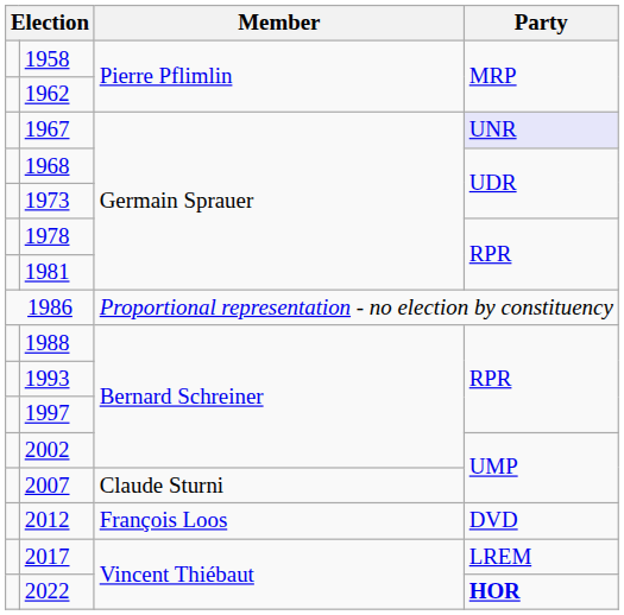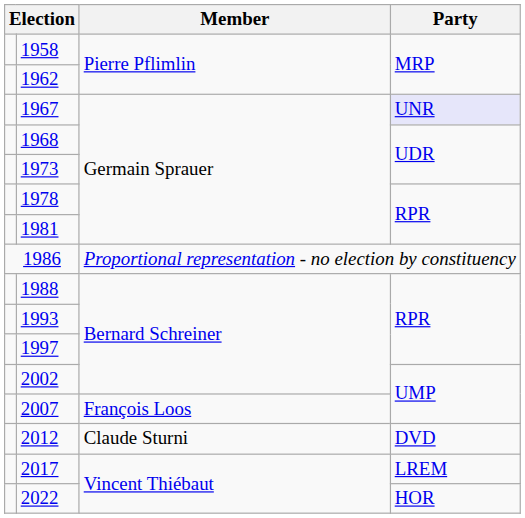 <table class="wikitable">
 <tr>
 <th colspan="2">Election</th>
 <th>Member</th>
 <th>Party</th>
 </tr>
 <tr>
 <td style="background-color: "></td>
 <td><a href='#'>1958</a></td>
 <td rowspan="2"><a href='#'>Pierre Pflimlin</a></td>
 <td rowspan="2"><a href='#'>MRP</a></td>
 </tr>
 <tr>
 <td style="background-color: "></td>
 <td><a href='#'>1962</a></td>
 </tr>
 <tr>
 <td style="background-color: "></td>
 <td><a href='#'>1967</a></td>
 <td rowspan="5">Germain Sprauer</td>
 <td style="background: lavender;"><a href='#'>UNR</a></td>
 </tr>
 <tr>
 <td style="background-color: "></td>
 <td><a href='#'>1968</a></td>
 <td rowspan="2"><a href='#'>UDR</a></td>
 </tr>
 <tr>
 <td style="background-color: "></td>
 <td><a href='#'>1973</a></td>
 </tr>
 <tr>
 <td style="background-color: "></td>
 <td><a href='#'>1978</a></td>
 <td rowspan="2"><a href='#'>RPR</a></td>
 </tr>
 <tr>
 <td style="background-color: "></td>
 <td><a href='#'>1981</a></td>
 </tr>
 <tr>
 <td colspan="2" align="center"><a href='#'>1986</a></td>
 <td colspan="2"><em><a href='#'>Proportional representation</a> - no election by constituency</em></td>
 </tr>
 <tr>
 <td style="background-color: "></td>
 <td><a href='#'>1988</a></td>
 <td rowspan="4"><a href='#'>Bernard Schreiner</a></td>
 <td rowspan="3"><a href='#'>RPR</a></td>
 </tr>
 <tr>
 <td style="background-color: "></td>
 <td><a href='#'>1993</a></td>
 </tr>
 <tr>
 <td style="background-color: "></td>
 <td><a href='#'>1997</a></td>
 </tr>
 <tr>
 <td style="background-color: "></td>
 <td><a href='#'>2002</a></td>
 <td rowspan="2"><a href='#'>UMP</a></td>
 </tr>
 <tr>
 <td style="background-color: "></td>
 <td><a href='#'>2007</a></td>
-<td>Claude Sturni</td>
+<td><a href='#'>François Loos</a></td>
 </tr>
 <tr>
 <td style="background-color: "></td>
 <td><a href='#'>2012</a></td>
-<td><a href='#'>François Loos</a></td>
+<td>Claude Sturni</td>
 <td><a href='#'>DVD</a></td>
 </tr>
 <tr>
 <td style="background-color: "></td>
 <td><a href='#'>2017</a></td>
 <td rowspan="2"><a href='#'>Vincent Thiébaut</a></td>
 <td><a href='#'>LREM</a></td>
 </tr>
 <tr>
 <td style="background-color: "></td>
 <td><a href='#'>2022</a></td>
-<td><strong><a href='#'>HOR</a></strong></td>
+<td><a href='#'>HOR</a></td>
 </tr>
 </table>
